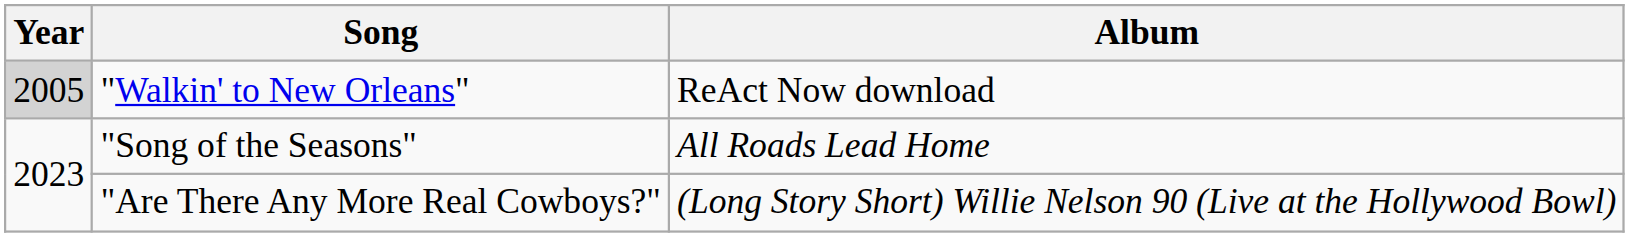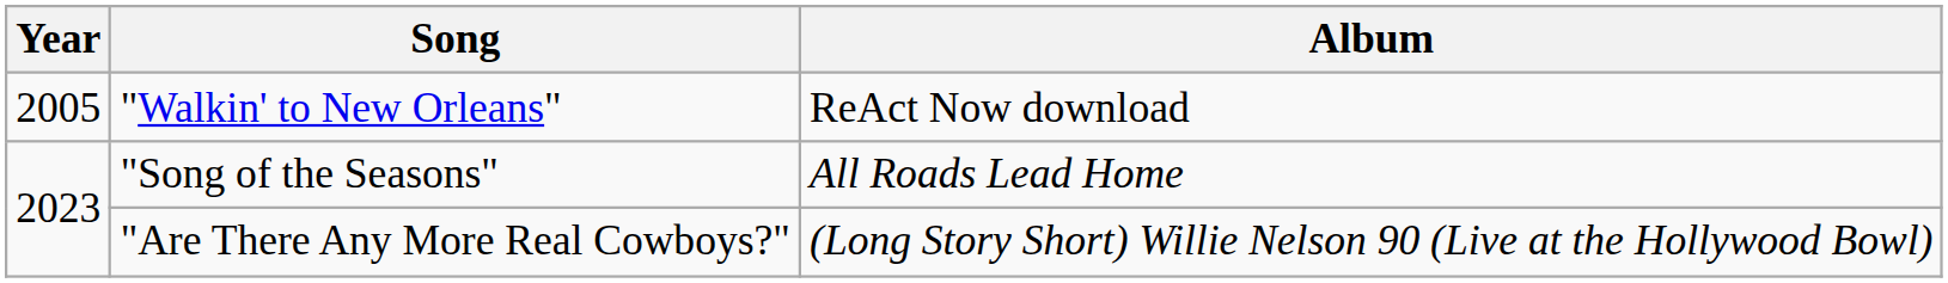 <table class="wikitable">
 <tr>
 <th>Year</th>
 <th>Song</th>
 <th>Album</th>
 </tr>
 <tr>
-<td style="background: lightgrey;">2005</td>
+<td>2005</td>
 <td>"<a href='#'>Walkin' to New Orleans</a>"</td>
 <td>ReAct Now download</td>
 </tr>
 <tr>
 <td rowspan = "2">2023</td>
 <td>"Song of the Seasons"</td>
 <td><em>All Roads Lead Home</em></td>
 </tr>
 <tr>
 <td>"Are There Any More Real Cowboys?"</td>
 <td><em>(Long Story Short) Willie Nelson 90 (Live at the Hollywood Bowl)</em></td>
 </tr>
 </table>
